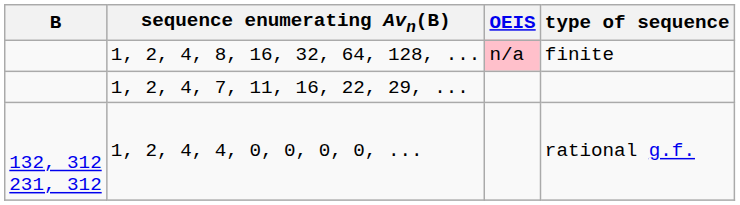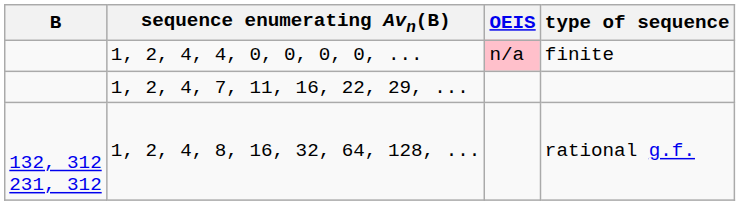 <table class="wikitable" style="text-align:left;" border="1" cell-padding="2">
 <tr>
 <th>B</th>
 <th>sequence enumerating <em>Av<sub>n</sub></em>(B)</th>
 <th><a href='#'>OEIS</a></th>
 <th>type of sequence</th>
 </tr>
 <tr>
 <td></td>
-<td>1, 2, 4, 8, 16,  32, 64, 128, ...</td>
+<td>1, 2, 4, 4, 0, 0, 0, 0, ...</td>
 <td style="background: pink;">n/a</td>
 <td>finite</td>
 </tr>
 <tr>
 <td></td>
 <td>1, 2, 4, 7, 11, 16, 22, 29, ...</td>
 <td></td>
 <td></td>
 </tr>
 <tr>
 <td><br> <br> <a href='#'>132, 312</a> <br> <a href='#'>231, 312</a></td>
-<td>1, 2, 4, 4, 0, 0, 0, 0, ...</td>
+<td>1, 2, 4, 8, 16,  32, 64, 128, ...</td>
 <td></td>
 <td>rational <a href='#'>g.f.</a></td>
 </tr>
 </table>
